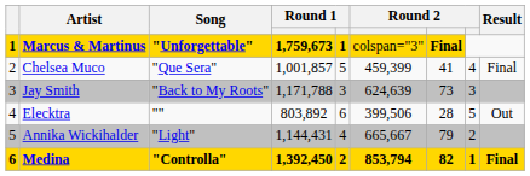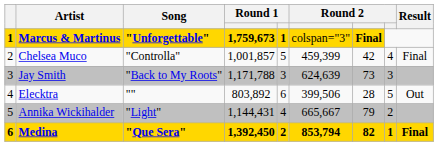 <table class="sortable wikitable" style="margin: 1em auto 1em auto; text-align:center;">
 <tr>
 <th rowspan="2"></th>
 <th rowspan="2">Artist</th>
 <th rowspan="2">Song</th>
 <th colspan="2">Round 1</th>
 <th colspan="3">Round 2</th>
 <th rowspan="2" class="unsortable">Result</th>
 </tr>
 <tr>
 <th><small></small></th>
 <th><small></small></th>
 <th><small></small></th>
 <th><small></small></th>
 <th><small></small></th>
 </tr>
 <tr style="background:gold;">
 <td><strong>1</strong></td>
 <td align="left"><strong><a href='#'>Marcus & Martinus</a></strong></td>
 <td align="left"><strong>"<a href='#'>Unforgettable</a>"</strong></td>
 <td><strong>1,759,673</strong></td>
 <td><strong>1</strong></td>
 <td>colspan="3" </td>
 <td><strong>Final</strong></td>
 </tr>
 <tr>
 <td>2</td>
 <td align="left"><a href='#'>Chelsea Muco</a></td>
-<td align="left">"<a href='#'>Que Sera</a>"</td>
+<td align="left">"Controlla"</td>
 <td>1,001,857</td>
 <td>5</td>
 <td>459,399</td>
-<td>41</td>
+<td>42</td>
 <td>4</td>
 <td>Final</td>
 </tr>
 <tr style="background:silver;">
 <td>3</td>
 <td align="left"><a href='#'>Jay Smith</a></td>
 <td align="left">"<a href='#'>Back to My Roots</a>"</td>
 <td>1,171,788</td>
 <td>3</td>
 <td>624,639</td>
 <td>73</td>
 <td>3</td>
 <td><strong></strong></td>
 </tr>
 <tr>
 <td>4</td>
 <td align="left"><a href='#'>Elecktra</a></td>
 <td align="left">""</td>
 <td>803,892</td>
 <td>6</td>
 <td>399,506</td>
 <td>28</td>
 <td>5</td>
 <td>Out</td>
 </tr>
 <tr style="background:silver;">
 <td>5</td>
 <td align="left"><a href='#'>Annika Wickihalder</a></td>
 <td align="left">"<a href='#'>Light</a>"</td>
 <td>1,144,431</td>
 <td>4</td>
 <td>665,667</td>
 <td>79</td>
 <td>2</td>
 <td><strong></strong></td>
 </tr>
 <tr style="background:gold; font-weight:bold;">
 <td>6</td>
 <td align="left"><a href='#'>Medina</a></td>
-<td align="left">"Controlla"</td>
+<td align="left">"<a href='#'>Que Sera</a>"</td>
 <td>1,392,450</td>
 <td>2</td>
 <td>853,794</td>
 <td>82</td>
 <td>1</td>
 <td>Final</td>
 </tr>
 </table>
